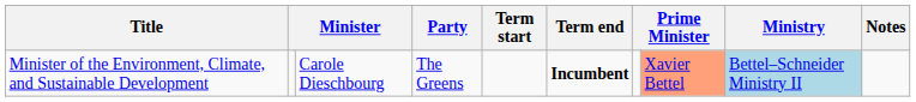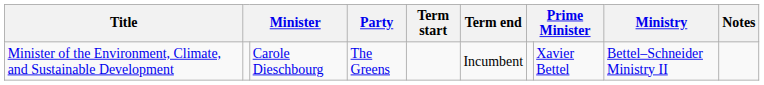 <table class="wikitable sortable">
 <tr>
 <th>Title</th>
 <th colspan=2><a href='#'>Minister</a></th>
 <th><a href='#'>Party</a></th>
 <th>Term start</th>
 <th>Term end</th>
 <th colspan=2><a href='#'>Prime Minister</a></th>
 <th><a href='#'>Ministry</a></th>
 <th class="unsortable">Notes</th>
 </tr>
 <tr>
 <td><a href='#'>Minister of the Environment, Climate, and Sustainable Development</a></td>
 <td style="color:inherit;background:"></td>
 <td><a href='#'>Carole Dieschbourg</a></td>
 <td><a href='#'>The Greens</a></td>
 <td></td>
-<td><strong>Incumbent</strong></td>
+<td>Incumbent</td>
 <td style="color:inherit;background:"></td>
-<td style="background: lightsalmon;"><a href='#'>Xavier Bettel</a></td>
-<td style="background: lightblue;"><a href='#'>Bettel–Schneider Ministry II</a></td>
+<td><a href='#'>Xavier Bettel</a></td>
+<td><a href='#'>Bettel–Schneider Ministry II</a></td>
 <td></td>
 </tr>
 </table>
